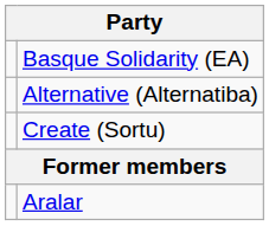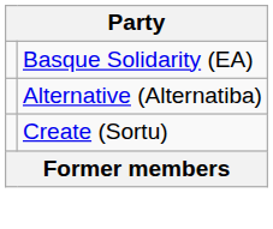 <table class="wikitable" style="text-align:left;">
 <tr>
 <th colspan="2">Party</th>
 </tr>
 <tr>
 <td width="1"></td>
 <td><a href='#'>Basque Solidarity</a> (EA)</td>
 </tr>
 <tr>
 <td></td>
 <td><a href='#'>Alternative</a> (Alternatiba)</td>
 </tr>
 <tr>
 <td></td>
 <td><a href='#'>Create</a> (Sortu)</td>
 </tr>
 <tr>
 <th colspan="2">Former members</th>
 </tr>
-<tr>
-<td></td>
-<td><a href='#'>Aralar</a></td>
-</tr>
 </table>
